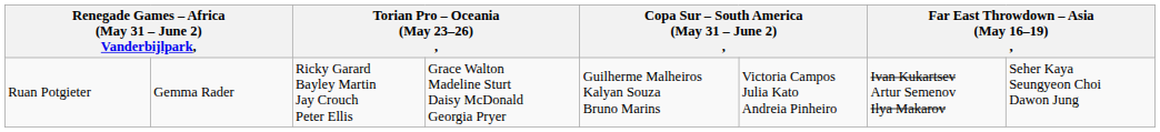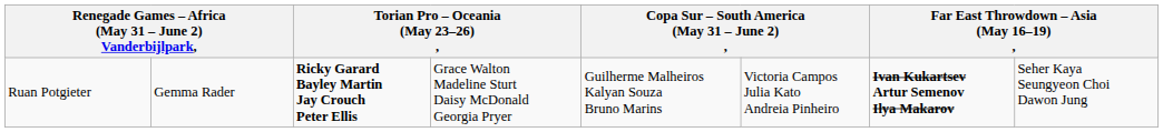 <table class="wikitable" style=width:83em>
 <tr>
 <th colspan="2" style="width: 18em;">Renegade Games – Africa<br>(May 31 – June 2) <br><a href='#'>Vanderbijlpark</a>, </th>
 <th colspan="2" style="width: 18em;">Torian Pro – Oceania<br>(May 23–26) <br>, </th>
 <th colspan="2" style="width: 18em;">Copa Sur – South America<br>(May 31 – June 2)<br>, </th>
 <th colspan="2" style="width: 18em;">Far East Throwdown – Asia<br>(May 16–19)<br> , </th>
 </tr>
 <tr>
 <td>Ruan Potgieter<br></td>
 <td>Gemma Rader</td>
-<td> Ricky Garard <br> Bayley Martin <br> Jay Crouch <br> Peter Ellis</td>
+<td><strong> Ricky Garard <br> Bayley Martin <br> Jay Crouch <br> Peter Ellis</strong></td>
 <td> Grace Walton<br> Madeline Sturt<br> Daisy McDonald<br> Georgia Pryer<br></td>
 <td> Guilherme Malheiros<br> Kalyan Souza <br> Bruno Marins</td>
 <td> Victoria Campos <br> Julia Kato<br> Andreia Pinheiro</td>
-<td> <s>Ivan Kukartsev</s><br> Artur Semenov<br> <s>Ilya Makarov</s></td>
+<td><strong> <s>Ivan Kukartsev</s><br> Artur Semenov<br> <s>Ilya Makarov</s></strong></td>
 <td> Seher Kaya <br> Seungyeon Choi<br> Dawon Jung<br><br></td>
 </tr>
 </table>
